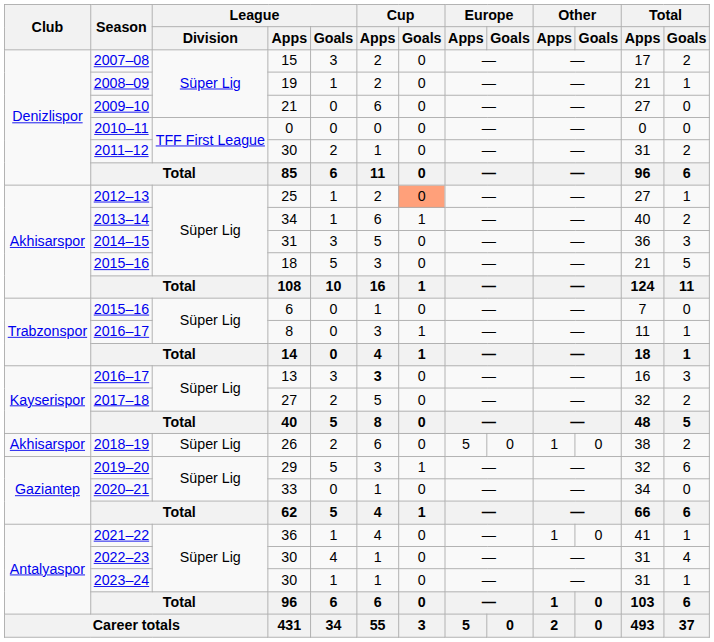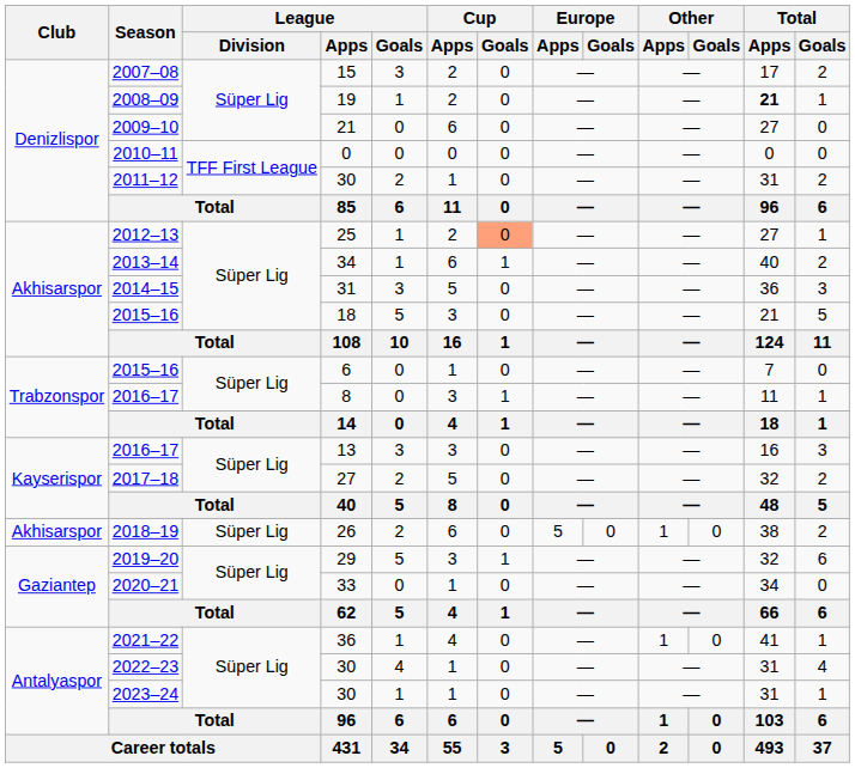 <table class="wikitable" style="text-align: center;">
 <tr>
 <th rowspan=2>Club</th>
 <th rowspan=2>Season</th>
 <th colspan=3>League</th>
 <th colspan=2>Cup</th>
 <th colspan=2>Europe</th>
 <th colspan=2>Other</th>
 <th colspan=2>Total</th>
 </tr>
 <tr>
 <th>Division</th>
 <th>Apps</th>
 <th>Goals</th>
 <th>Apps</th>
 <th>Goals</th>
 <th>Apps</th>
 <th>Goals</th>
 <th>Apps</th>
 <th>Goals</th>
 <th>Apps</th>
 <th>Goals</th>
 </tr>
 <tr>
 <td rowspan=6><a href='#'>Denizlispor</a></td>
 <td><a href='#'>2007–08</a></td>
 <td rowspan=3><a href='#'>Süper Lig</a></td>
 <td>15</td>
 <td>3</td>
 <td>2</td>
 <td>0</td>
 <td colspan="2">—</td>
 <td colspan="2">—</td>
 <td>17</td>
 <td>2</td>
 </tr>
 <tr>
 <td><a href='#'>2008–09</a></td>
 <td>19</td>
 <td>1</td>
 <td>2</td>
 <td>0</td>
 <td colspan="2">—</td>
 <td colspan="2">—</td>
-<td>21</td>
+<td><strong>21</strong></td>
 <td>1</td>
 </tr>
 <tr>
 <td><a href='#'>2009–10</a></td>
 <td>21</td>
 <td>0</td>
 <td>6</td>
 <td>0</td>
 <td colspan="2">—</td>
 <td colspan="2">—</td>
 <td>27</td>
 <td>0</td>
 </tr>
 <tr>
 <td><a href='#'>2010–11</a></td>
 <td rowspan=2><a href='#'>TFF First League</a></td>
 <td>0</td>
 <td>0</td>
 <td>0</td>
 <td>0</td>
 <td colspan="2">—</td>
 <td colspan="2">—</td>
 <td>0</td>
 <td>0</td>
 </tr>
 <tr>
 <td><a href='#'>2011–12</a></td>
 <td>30</td>
 <td>2</td>
 <td>1</td>
 <td>0</td>
 <td colspan="2">—</td>
 <td colspan="2">—</td>
 <td>31</td>
 <td>2</td>
 </tr>
 <tr>
 <th colspan=2>Total</th>
 <th>85</th>
 <th>6</th>
 <th>11</th>
 <th>0</th>
 <th colspan="2">—</th>
 <th colspan="2">—</th>
 <th>96</th>
 <th>6</th>
 </tr>
 <tr>
 <td rowspan=5><a href='#'>Akhisarspor</a></td>
 <td><a href='#'>2012–13</a></td>
 <td rowspan=4>Süper Lig</td>
 <td>25</td>
 <td>1</td>
 <td>2</td>
 <td style="background: lightsalmon;">0</td>
 <td colspan="2">—</td>
 <td colspan="2">—</td>
 <td>27</td>
 <td>1</td>
 </tr>
 <tr>
 <td><a href='#'>2013–14</a></td>
 <td>34</td>
 <td>1</td>
 <td>6</td>
 <td>1</td>
 <td colspan="2">—</td>
 <td colspan="2">—</td>
 <td>40</td>
 <td>2</td>
 </tr>
 <tr>
 <td><a href='#'>2014–15</a></td>
 <td>31</td>
 <td>3</td>
 <td>5</td>
 <td>0</td>
 <td colspan="2">—</td>
 <td colspan="2">—</td>
 <td>36</td>
 <td>3</td>
 </tr>
 <tr>
 <td><a href='#'>2015–16</a></td>
 <td>18</td>
 <td>5</td>
 <td>3</td>
 <td>0</td>
 <td colspan="2">—</td>
 <td colspan="2">—</td>
 <td>21</td>
 <td>5</td>
 </tr>
 <tr>
 <th colspan=2>Total</th>
 <th>108</th>
 <th>10</th>
 <th>16</th>
 <th>1</th>
 <th colspan="2">—</th>
 <th colspan="2">—</th>
 <th>124</th>
 <th>11</th>
 </tr>
 <tr>
 <td rowspan=3><a href='#'>Trabzonspor</a></td>
 <td><a href='#'>2015–16</a></td>
 <td rowspan=2>Süper Lig</td>
 <td>6</td>
 <td>0</td>
 <td>1</td>
 <td>0</td>
 <td colspan="2">—</td>
 <td colspan="2">—</td>
 <td>7</td>
 <td>0</td>
 </tr>
 <tr>
 <td><a href='#'>2016–17</a></td>
 <td>8</td>
 <td>0</td>
 <td>3</td>
 <td>1</td>
 <td colspan="2">—</td>
 <td colspan="2">—</td>
 <td>11</td>
 <td>1</td>
 </tr>
 <tr>
 <th colspan=2>Total</th>
 <th>14</th>
 <th>0</th>
 <th>4</th>
 <th>1</th>
 <th colspan="2">—</th>
 <th colspan="2">—</th>
 <th>18</th>
 <th>1</th>
 </tr>
 <tr>
 <td rowspan=3><a href='#'>Kayserispor</a></td>
 <td><a href='#'>2016–17</a></td>
 <td rowspan=2>Süper Lig</td>
 <td>13</td>
 <td>3</td>
-<td><strong>3</strong></td>
+<td>3</td>
 <td>0</td>
 <td colspan="2">—</td>
 <td colspan="2">—</td>
 <td>16</td>
 <td>3</td>
 </tr>
 <tr>
 <td><a href='#'>2017–18</a></td>
 <td>27</td>
 <td>2</td>
 <td>5</td>
 <td>0</td>
 <td colspan="2">—</td>
 <td colspan="2">—</td>
 <td>32</td>
 <td>2</td>
 </tr>
 <tr>
 <th colspan=2>Total</th>
 <th>40</th>
 <th>5</th>
 <th>8</th>
 <th>0</th>
 <th colspan="2">—</th>
 <th colspan="2">—</th>
 <th>48</th>
 <th>5</th>
 </tr>
 <tr>
 <td><a href='#'>Akhisarspor</a></td>
 <td><a href='#'>2018–19</a></td>
 <td>Süper Lig</td>
 <td>26</td>
 <td>2</td>
 <td>6</td>
 <td>0</td>
 <td>5</td>
 <td>0</td>
 <td>1</td>
 <td>0</td>
 <td>38</td>
 <td>2</td>
 </tr>
 <tr>
 <td rowspan=3><a href='#'>Gaziantep</a></td>
 <td><a href='#'>2019–20</a></td>
 <td rowspan=2>Süper Lig</td>
 <td>29</td>
 <td>5</td>
 <td>3</td>
 <td>1</td>
 <td colspan="2">—</td>
 <td colspan="2">—</td>
 <td>32</td>
 <td>6</td>
 </tr>
 <tr>
 <td><a href='#'>2020–21</a></td>
 <td>33</td>
 <td>0</td>
 <td>1</td>
 <td>0</td>
 <td colspan="2">—</td>
 <td colspan="2">—</td>
 <td>34</td>
 <td>0</td>
 </tr>
 <tr>
 <th colspan=2>Total</th>
 <th>62</th>
 <th>5</th>
 <th>4</th>
 <th>1</th>
 <th colspan="2">—</th>
 <th colspan="2">—</th>
 <th>66</th>
 <th>6</th>
 </tr>
 <tr>
 <td rowspan=4><a href='#'>Antalyaspor</a></td>
 <td><a href='#'>2021–22</a></td>
 <td rowspan=3>Süper Lig</td>
 <td>36</td>
 <td>1</td>
 <td>4</td>
 <td>0</td>
 <td colspan="2">—</td>
 <td>1</td>
 <td>0</td>
 <td>41</td>
 <td>1</td>
 </tr>
 <tr>
 <td><a href='#'>2022–23</a></td>
 <td>30</td>
 <td>4</td>
 <td>1</td>
 <td>0</td>
 <td colspan="2">—</td>
 <td colspan="2">—</td>
 <td>31</td>
 <td>4</td>
 </tr>
 <tr>
 <td><a href='#'>2023–24</a></td>
 <td>30</td>
 <td>1</td>
 <td>1</td>
 <td>0</td>
 <td colspan="2">—</td>
 <td colspan="2">—</td>
 <td>31</td>
 <td>1</td>
 </tr>
 <tr>
 <th colspan=2>Total</th>
 <th>96</th>
 <th>6</th>
 <th>6</th>
 <th>0</th>
 <th colspan="2">—</th>
 <th>1</th>
 <th>0</th>
 <th>103</th>
 <th>6</th>
 </tr>
 <tr>
 <th colspan=3>Career totals</th>
 <th>431</th>
 <th>34</th>
 <th>55</th>
 <th>3</th>
 <th>5</th>
 <th>0</th>
 <th>2</th>
 <th>0</th>
 <th>493</th>
 <th>37</th>
 </tr>
 </table>
